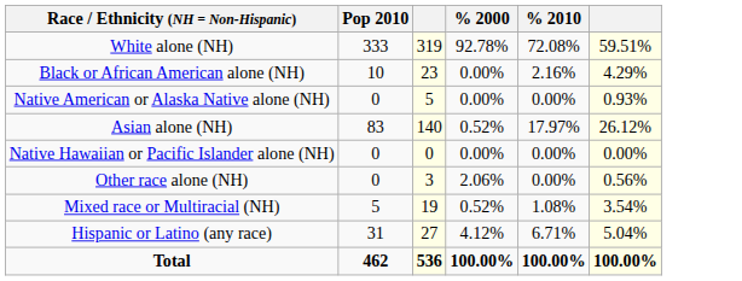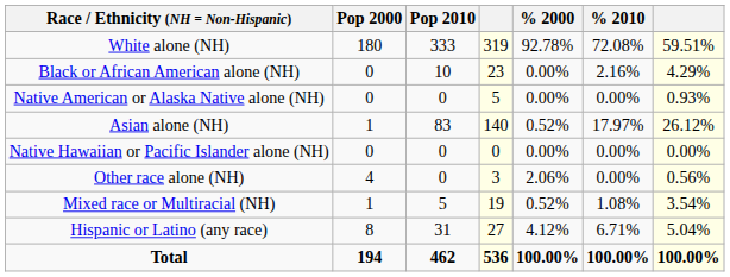 <table class="wikitable" style="text-align:center;">
 <tr>
 <th>Race / Ethnicity <small>(<em>NH = Non-Hispanic</em>)</small></th>
+<th>Pop 2000</th>
 <th>Pop 2010</th>
 <th></th>
 <th>% 2000</th>
 <th>% 2010</th>
 <th></th>
 </tr>
 <tr>
 <td><a href='#'>White</a> alone (NH)</td>
+<td>180</td>
 <td>333</td>
 <td style='background: #ffffe6;'>319</td>
 <td>92.78%</td>
 <td>72.08%</td>
 <td style='background: #ffffe6;'>59.51%</td>
 </tr>
 <tr>
 <td><a href='#'>Black or African American</a> alone (NH)</td>
+<td>0</td>
 <td>10</td>
 <td style='background: #ffffe6;'>23</td>
 <td>0.00%</td>
 <td>2.16%</td>
 <td style='background: #ffffe6;'>4.29%</td>
 </tr>
 <tr>
 <td><a href='#'>Native American</a> or <a href='#'>Alaska Native</a> alone (NH)</td>
 <td>0</td>
+<td>0</td>
 <td style='background: #ffffe6;'>5</td>
 <td>0.00%</td>
 <td>0.00%</td>
 <td style='background: #ffffe6;'>0.93%</td>
 </tr>
 <tr>
 <td><a href='#'>Asian</a> alone (NH)</td>
+<td>1</td>
 <td>83</td>
 <td style='background: #ffffe6;'>140</td>
 <td>0.52%</td>
 <td>17.97%</td>
 <td style='background: #ffffe6;'>26.12%</td>
 </tr>
 <tr>
 <td><a href='#'>Native Hawaiian</a> or <a href='#'>Pacific Islander</a> alone (NH)</td>
 <td>0</td>
+<td>0</td>
 <td style='background: #ffffe6;'>0</td>
 <td>0.00%</td>
 <td>0.00%</td>
 <td style='background: #ffffe6;'>0.00%</td>
 </tr>
 <tr>
 <td><a href='#'>Other race</a> alone (NH)</td>
+<td>4</td>
 <td>0</td>
 <td style='background: #ffffe6;'>3</td>
 <td>2.06%</td>
 <td>0.00%</td>
 <td style='background: #ffffe6;'>0.56%</td>
 </tr>
 <tr>
 <td><a href='#'>Mixed race or Multiracial</a> (NH)</td>
+<td>1</td>
 <td>5</td>
 <td style='background: #ffffe6;'>19</td>
 <td>0.52%</td>
 <td>1.08%</td>
 <td style='background: #ffffe6;'>3.54%</td>
 </tr>
 <tr>
 <td><a href='#'>Hispanic or Latino</a> (any race)</td>
+<td>8</td>
 <td>31</td>
 <td style='background: #ffffe6;'>27</td>
 <td>4.12%</td>
 <td>6.71%</td>
 <td style='background: #ffffe6;'>5.04%</td>
 </tr>
 <tr>
 <td><strong>Total</strong></td>
+<td><strong>194</strong></td>
 <td><strong>462</strong></td>
 <td style='background: #ffffe6;'><strong>536</strong></td>
 <td><strong>100.00%</strong></td>
 <td><strong>100.00%</strong></td>
 <td style='background: #ffffe6;'><strong>100.00%</strong></td>
 </tr>
 </table>
